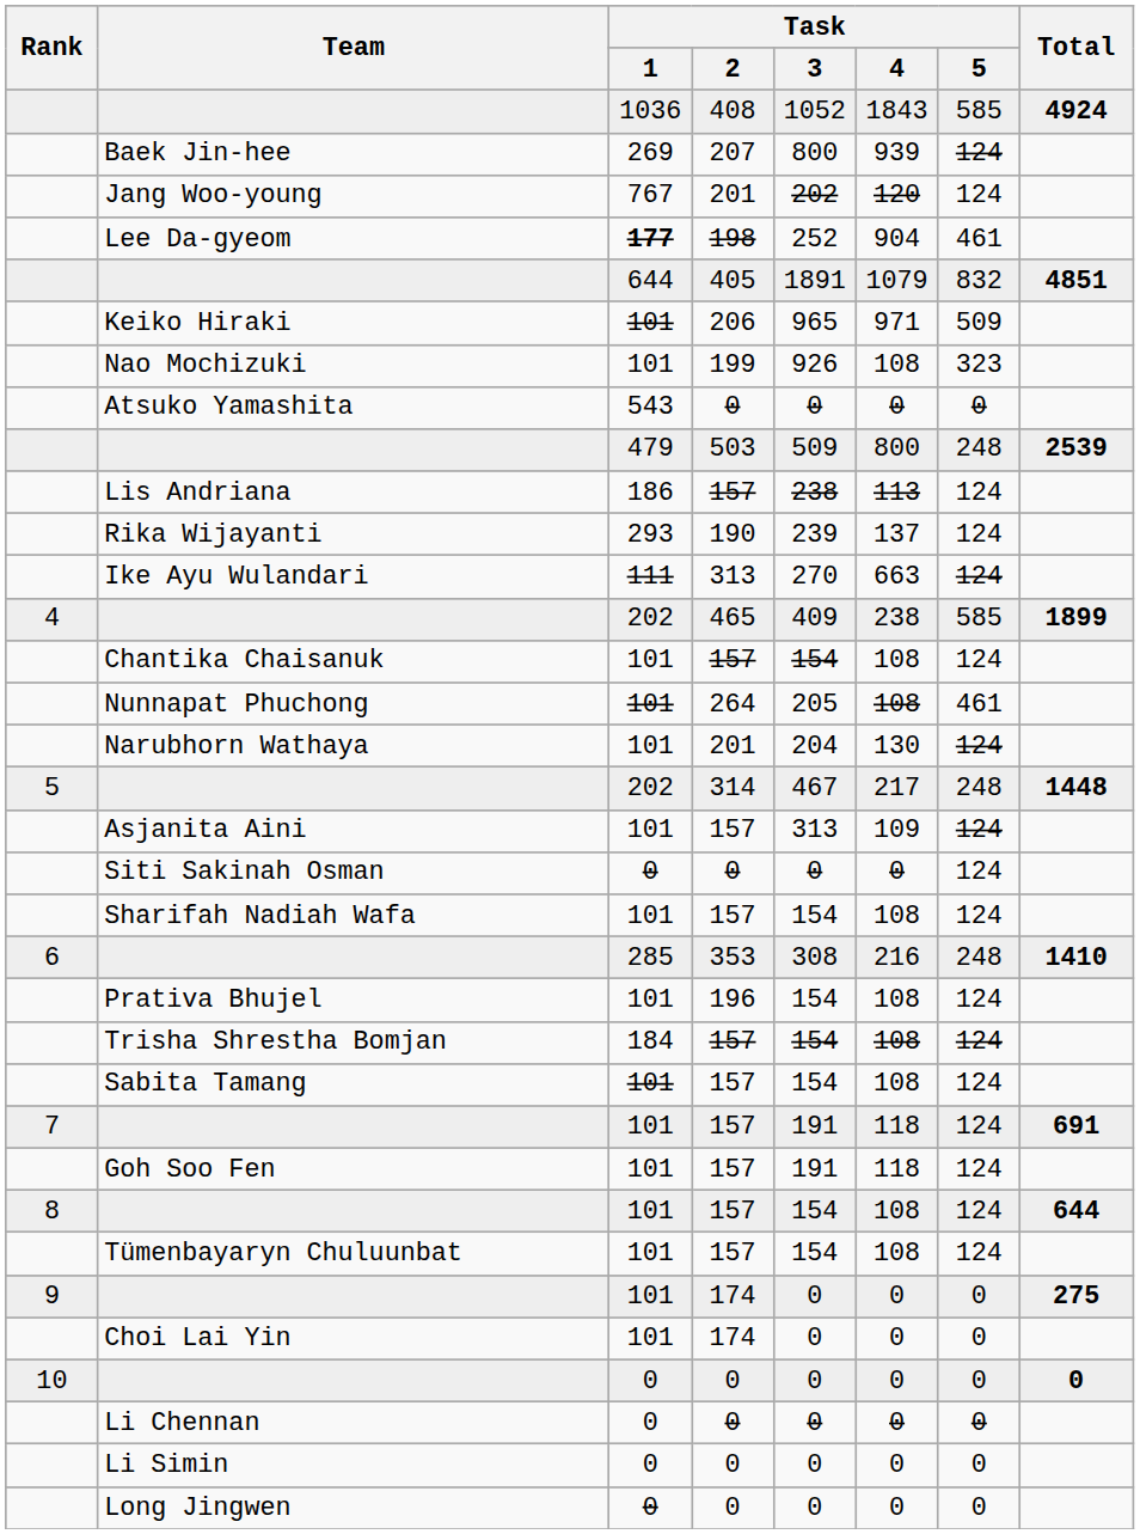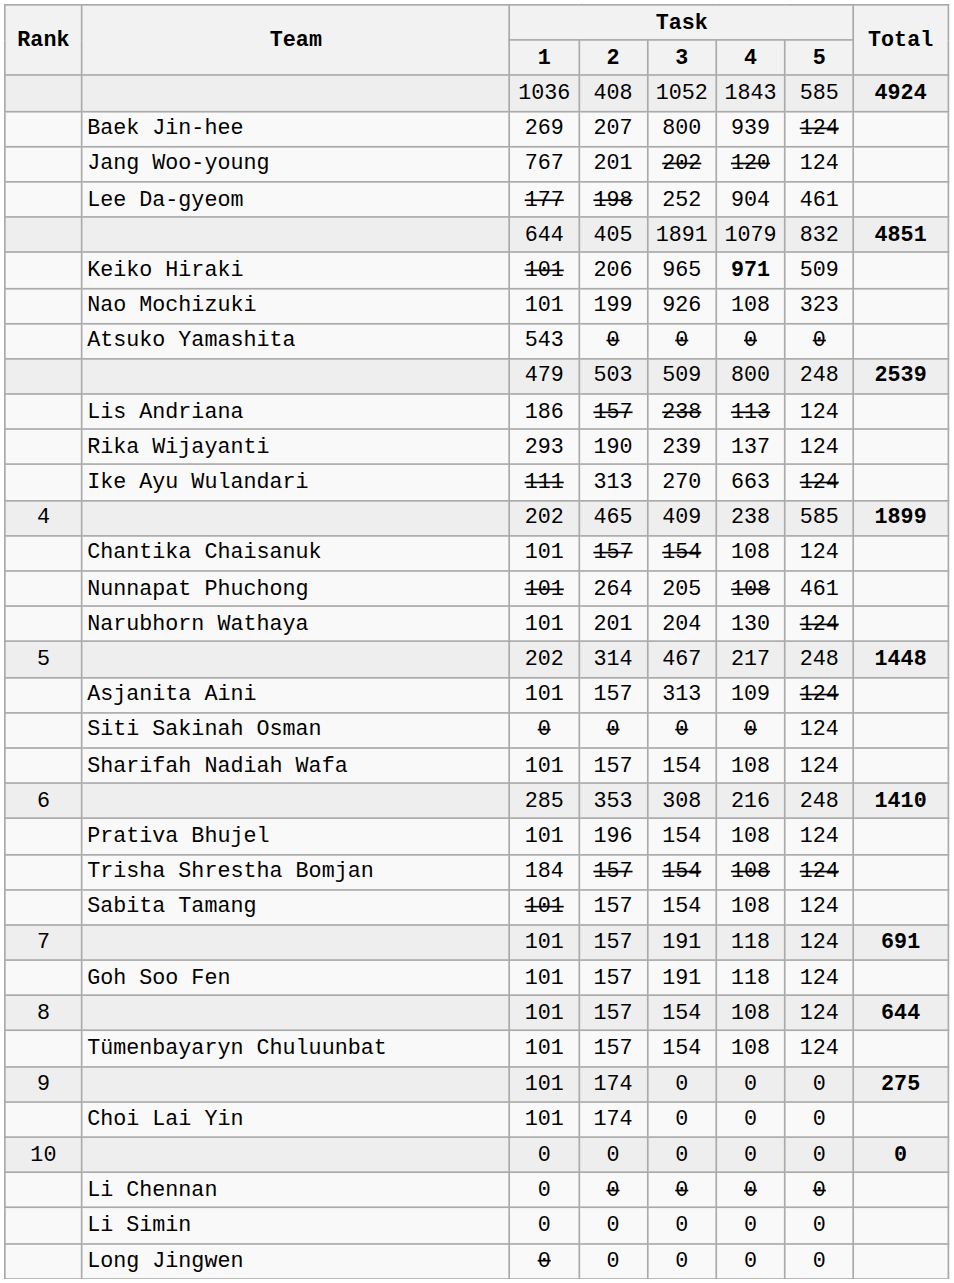 <table class=wikitable style="text-align:center">
 <tr>
 <th rowspan="2" width=40>Rank</th>
 <th rowspan="2" width=250>Team</th>
 <th colspan="5">Task</th>
 <th rowspan="2" width=50>Total</th>
 </tr>
 <tr>
 <th width=35>1</th>
 <th width=35>2</th>
 <th width=35>3</th>
 <th width=35>4</th>
 <th width=35>5</th>
 </tr>
 <tr style="background:#eeeeee;">
 <td></td>
 <td align=left></td>
 <td>1036</td>
 <td>408</td>
 <td>1052</td>
 <td>1843</td>
 <td>585</td>
 <td><strong>4924</strong></td>
 </tr>
 <tr>
 <td></td>
 <td align=left>Baek Jin-hee</td>
 <td>269</td>
 <td>207</td>
 <td>800</td>
 <td>939</td>
 <td><s>124</s></td>
 <td></td>
 </tr>
 <tr>
 <td></td>
 <td align=left>Jang Woo-young</td>
 <td>767</td>
 <td>201</td>
 <td><s>202</s></td>
 <td><s>120</s></td>
 <td>124</td>
 <td></td>
 </tr>
 <tr>
 <td></td>
 <td align=left>Lee Da-gyeom</td>
-<td><strong><s>177</s></strong></td>
+<td><s>177</s></td>
 <td><s>198</s></td>
 <td>252</td>
 <td>904</td>
 <td>461</td>
 <td></td>
 </tr>
 <tr style="background:#eeeeee;">
 <td></td>
 <td align=left></td>
 <td>644</td>
 <td>405</td>
 <td>1891</td>
 <td>1079</td>
 <td>832</td>
 <td><strong>4851</strong></td>
 </tr>
 <tr>
 <td></td>
 <td align=left>Keiko Hiraki</td>
 <td><s>101</s></td>
 <td>206</td>
 <td>965</td>
-<td>971</td>
+<td><strong>971</strong></td>
 <td>509</td>
 <td></td>
 </tr>
 <tr>
 <td></td>
 <td align=left>Nao Mochizuki</td>
 <td>101</td>
 <td>199</td>
 <td>926</td>
 <td>108</td>
 <td>323</td>
 <td></td>
 </tr>
 <tr>
 <td></td>
 <td align=left>Atsuko Yamashita</td>
 <td>543</td>
 <td><s>0</s></td>
 <td><s>0</s></td>
 <td><s>0</s></td>
 <td><s>0</s></td>
 <td></td>
 </tr>
 <tr style="background:#eeeeee;">
 <td></td>
 <td align=left></td>
 <td>479</td>
 <td>503</td>
 <td>509</td>
 <td>800</td>
 <td>248</td>
 <td><strong>2539</strong></td>
 </tr>
 <tr>
 <td></td>
 <td align=left>Lis Andriana</td>
 <td>186</td>
 <td><s>157</s></td>
 <td><s>238</s></td>
 <td><s>113</s></td>
 <td>124</td>
 <td></td>
 </tr>
 <tr>
 <td></td>
 <td align=left>Rika Wijayanti</td>
 <td>293</td>
 <td>190</td>
 <td>239</td>
 <td>137</td>
 <td>124</td>
 <td></td>
 </tr>
 <tr>
 <td></td>
 <td align=left>Ike Ayu Wulandari</td>
 <td><s>111</s></td>
 <td>313</td>
 <td>270</td>
 <td>663</td>
 <td><s>124</s></td>
 <td></td>
 </tr>
 <tr style="background:#eeeeee;">
 <td>4</td>
 <td align=left></td>
 <td>202</td>
 <td>465</td>
 <td>409</td>
 <td>238</td>
 <td>585</td>
 <td><strong>1899</strong></td>
 </tr>
 <tr>
 <td></td>
 <td align=left>Chantika Chaisanuk</td>
 <td>101</td>
 <td><s>157</s></td>
 <td><s>154</s></td>
 <td>108</td>
 <td>124</td>
 <td></td>
 </tr>
 <tr>
 <td></td>
 <td align=left>Nunnapat Phuchong</td>
 <td><s>101</s></td>
 <td>264</td>
 <td>205</td>
 <td><s>108</s></td>
 <td>461</td>
 <td></td>
 </tr>
 <tr>
 <td></td>
 <td align=left>Narubhorn Wathaya</td>
 <td>101</td>
 <td>201</td>
 <td>204</td>
 <td>130</td>
 <td><s>124</s></td>
 <td></td>
 </tr>
 <tr style="background:#eeeeee;">
 <td>5</td>
 <td align=left></td>
 <td>202</td>
 <td>314</td>
 <td>467</td>
 <td>217</td>
 <td>248</td>
 <td><strong>1448</strong></td>
 </tr>
 <tr>
 <td></td>
 <td align=left>Asjanita Aini</td>
 <td>101</td>
 <td>157</td>
 <td>313</td>
 <td>109</td>
 <td><s>124</s></td>
 <td></td>
 </tr>
 <tr>
 <td></td>
 <td align=left>Siti Sakinah Osman</td>
 <td><s>0</s></td>
 <td><s>0</s></td>
 <td><s>0</s></td>
 <td><s>0</s></td>
 <td>124</td>
 <td></td>
 </tr>
 <tr>
 <td></td>
 <td align=left>Sharifah Nadiah Wafa</td>
 <td>101</td>
 <td>157</td>
 <td>154</td>
 <td>108</td>
 <td>124</td>
 <td></td>
 </tr>
 <tr style="background:#eeeeee;">
 <td>6</td>
 <td align=left></td>
 <td>285</td>
 <td>353</td>
 <td>308</td>
 <td>216</td>
 <td>248</td>
 <td><strong>1410</strong></td>
 </tr>
 <tr>
 <td></td>
 <td align=left>Prativa Bhujel</td>
 <td>101</td>
 <td>196</td>
 <td>154</td>
 <td>108</td>
 <td>124</td>
 <td></td>
 </tr>
 <tr>
 <td></td>
 <td align=left>Trisha Shrestha Bomjan</td>
 <td>184</td>
 <td><s>157</s></td>
 <td><s>154</s></td>
 <td><s>108</s></td>
 <td><s>124</s></td>
 <td></td>
 </tr>
 <tr>
 <td></td>
 <td align=left>Sabita Tamang</td>
 <td><s>101</s></td>
 <td>157</td>
 <td>154</td>
 <td>108</td>
 <td>124</td>
 <td></td>
 </tr>
 <tr style="background:#eeeeee;">
 <td>7</td>
 <td align=left></td>
 <td>101</td>
 <td>157</td>
 <td>191</td>
 <td>118</td>
 <td>124</td>
 <td><strong>691</strong></td>
 </tr>
 <tr>
 <td></td>
 <td align=left>Goh Soo Fen</td>
 <td>101</td>
 <td>157</td>
 <td>191</td>
 <td>118</td>
 <td>124</td>
 <td></td>
 </tr>
 <tr style="background:#eeeeee;">
 <td>8</td>
 <td align=left></td>
 <td>101</td>
 <td>157</td>
 <td>154</td>
 <td>108</td>
 <td>124</td>
 <td><strong>644</strong></td>
 </tr>
 <tr>
 <td></td>
 <td align=left>Tümenbayaryn Chuluunbat</td>
 <td>101</td>
 <td>157</td>
 <td>154</td>
 <td>108</td>
 <td>124</td>
 <td></td>
 </tr>
 <tr style="background:#eeeeee;">
 <td>9</td>
 <td align=left></td>
 <td>101</td>
 <td>174</td>
 <td>0</td>
 <td>0</td>
 <td>0</td>
 <td><strong>275</strong></td>
 </tr>
 <tr>
 <td></td>
 <td align=left>Choi Lai Yin</td>
 <td>101</td>
 <td>174</td>
 <td>0</td>
 <td>0</td>
 <td>0</td>
 <td></td>
 </tr>
 <tr style="background:#eeeeee;">
 <td>10</td>
 <td align=left></td>
 <td>0</td>
 <td>0</td>
 <td>0</td>
 <td>0</td>
 <td>0</td>
 <td><strong>0</strong></td>
 </tr>
 <tr>
 <td></td>
 <td align=left>Li Chennan</td>
 <td>0</td>
 <td><s>0</s></td>
 <td><s>0</s></td>
 <td><s>0</s></td>
 <td><s>0</s></td>
 <td></td>
 </tr>
 <tr>
 <td></td>
 <td align=left>Li Simin</td>
 <td>0</td>
 <td>0</td>
 <td>0</td>
 <td>0</td>
 <td>0</td>
 <td></td>
 </tr>
 <tr>
 <td></td>
 <td align=left>Long Jingwen</td>
 <td><s>0</s></td>
 <td>0</td>
 <td>0</td>
 <td>0</td>
 <td>0</td>
 <td></td>
 </tr>
 </table>
